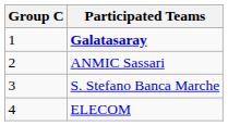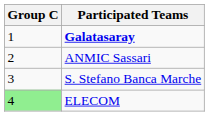 <table class="wikitable">
 <tr>
 <th>Group C</th>
 <th>Participated Teams</th>
 </tr>
 <tr>
 <td>1</td>
 <td> <strong><a href='#'>Galatasaray</a></strong></td>
 </tr>
 <tr>
 <td>2</td>
 <td> <a href='#'>ANMIC Sassari</a></td>
 </tr>
 <tr>
 <td>3</td>
 <td> <a href='#'>S. Stefano Banca Marche</a></td>
 </tr>
 <tr>
-<td>4</td>
+<td style="background: lightgreen;">4</td>
 <td> <a href='#'>ELECOM</a></td>
 </tr>
 </table>
